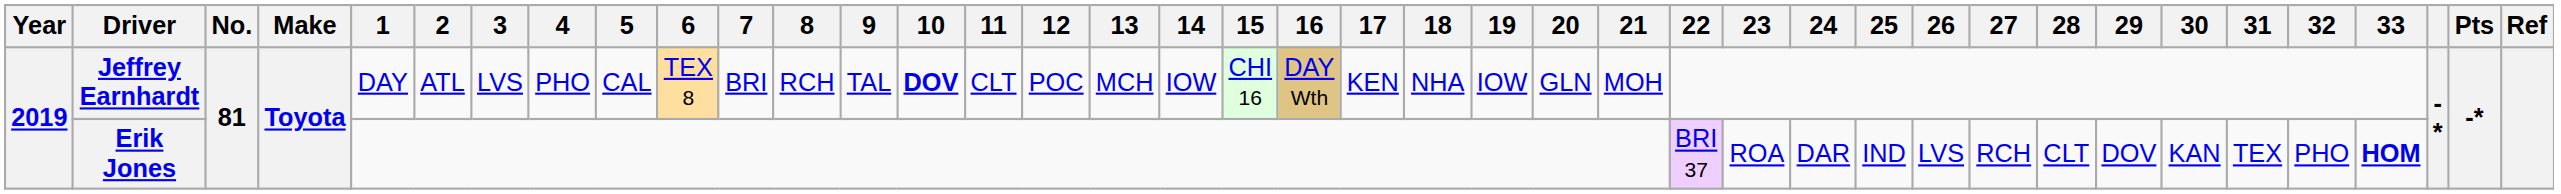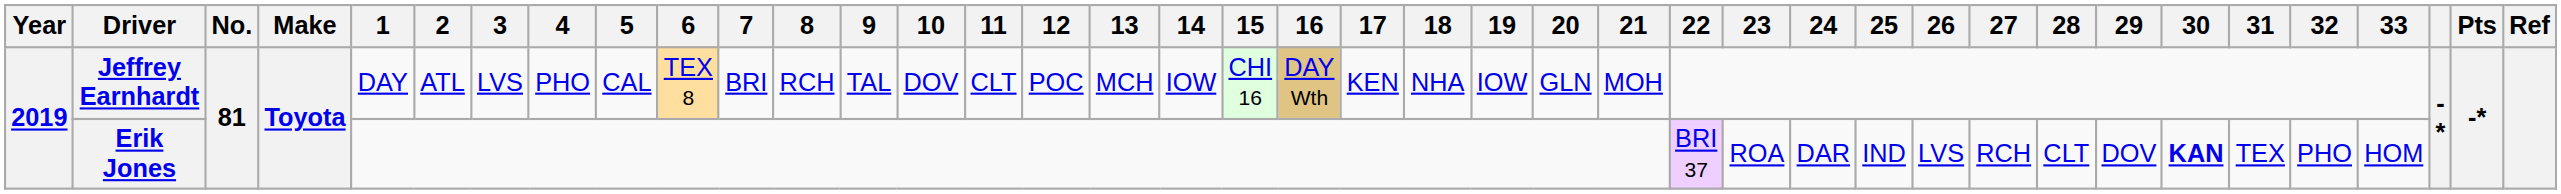 <table class="wikitable" style="text-align:center; font-size:75%">
 <tr>
 <th>Year</th>
 <th>Driver</th>
 <th>No.</th>
 <th>Make</th>
 <th>1</th>
 <th>2</th>
 <th>3</th>
 <th>4</th>
 <th>5</th>
 <th>6</th>
 <th>7</th>
 <th>8</th>
 <th>9</th>
 <th>10</th>
 <th>11</th>
 <th>12</th>
 <th>13</th>
 <th>14</th>
 <th>15</th>
 <th>16</th>
 <th>17</th>
 <th>18</th>
 <th>19</th>
 <th>20</th>
 <th>21</th>
 <th>22</th>
 <th>23</th>
 <th>24</th>
 <th>25</th>
 <th>26</th>
 <th>27</th>
 <th>28</th>
 <th>29</th>
 <th>30</th>
 <th>31</th>
 <th>32</th>
 <th>33</th>
 <th></th>
 <th>Pts</th>
 <th>Ref</th>
 </tr>
 <tr>
 <th rowspan=2><a href='#'>2019</a></th>
 <th><a href='#'>Jeffrey Earnhardt</a></th>
 <th Rowspan=2>81</th>
 <th rowspan=2><a href='#'>Toyota</a></th>
 <td><a href='#'>DAY</a></td>
 <td><a href='#'>ATL</a></td>
 <td><a href='#'>LVS</a></td>
 <td><a href='#'>PHO</a></td>
 <td><a href='#'>CAL</a></td>
 <td style="background:#FFDF9F;"><a href='#'>TEX</a><br><small>8</small></td>
 <td><a href='#'>BRI</a></td>
 <td><a href='#'>RCH</a></td>
 <td><a href='#'>TAL</a></td>
-<td><strong><a href='#'>DOV</a></strong></td>
+<td><a href='#'>DOV</a></td>
 <td><a href='#'>CLT</a></td>
 <td><a href='#'>POC</a></td>
 <td><a href='#'>MCH</a></td>
 <td><a href='#'>IOW</a></td>
 <td style="background:#DFFFDF;"><a href='#'>CHI</a><br><small>16</small></td>
 <td style="background:#DFC484;"><a href='#'>DAY</a><br><small>Wth</small></td>
 <td><a href='#'>KEN</a></td>
 <td><a href='#'>NHA</a></td>
 <td><a href='#'>IOW</a></td>
 <td><a href='#'>GLN</a></td>
 <td><a href='#'>MOH</a></td>
 <td colspan=12></td>
 <th rowspan=2>-*</th>
 <th Rowspan=2>-*</th>
 <th Rowspan=2></th>
 </tr>
 <tr>
 <th><a href='#'>Erik Jones</a></th>
 <td colspan=21></td>
 <td style="background:#EFCFFF;"><a href='#'>BRI</a><br><small>37</small></td>
 <td><a href='#'>ROA</a></td>
 <td><a href='#'>DAR</a></td>
 <td><a href='#'>IND</a></td>
 <td><a href='#'>LVS</a></td>
 <td><a href='#'>RCH</a></td>
 <td><a href='#'>CLT</a></td>
 <td><a href='#'>DOV</a></td>
-<td><a href='#'>KAN</a></td>
+<td><strong><a href='#'>KAN</a></strong></td>
 <td><a href='#'>TEX</a></td>
 <td><a href='#'>PHO</a></td>
-<td><strong><a href='#'>HOM</a></strong></td>
+<td><a href='#'>HOM</a></td>
 </tr>
 </table>
